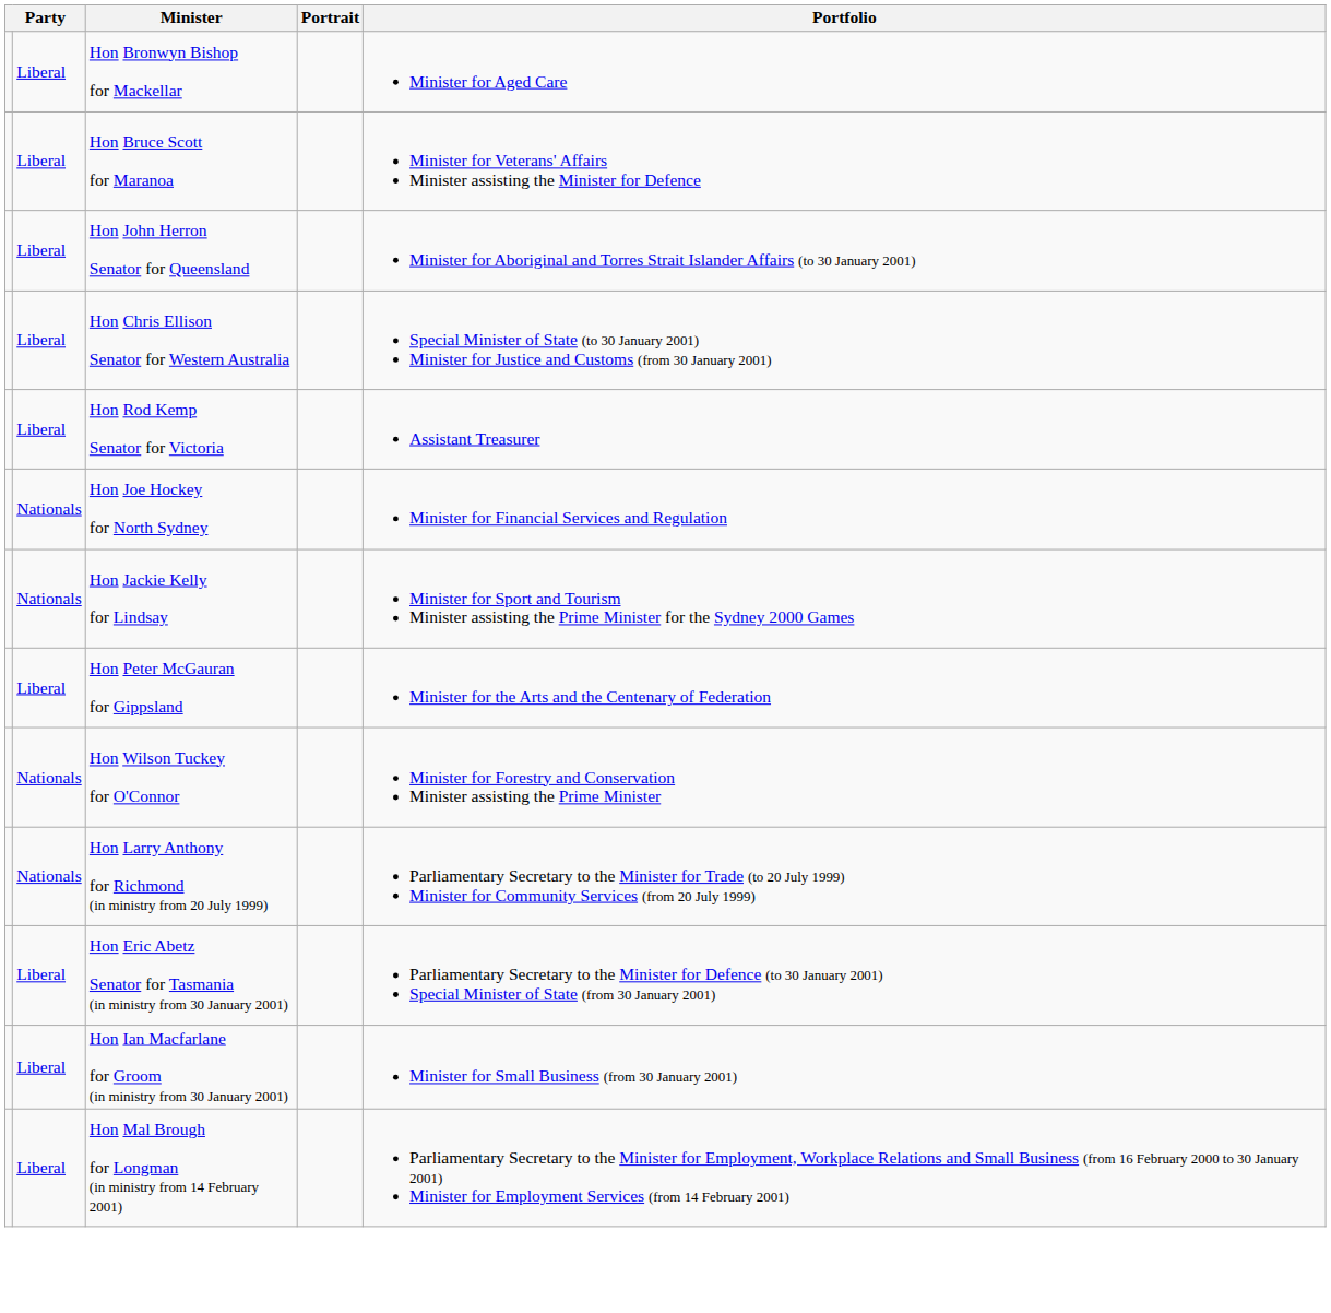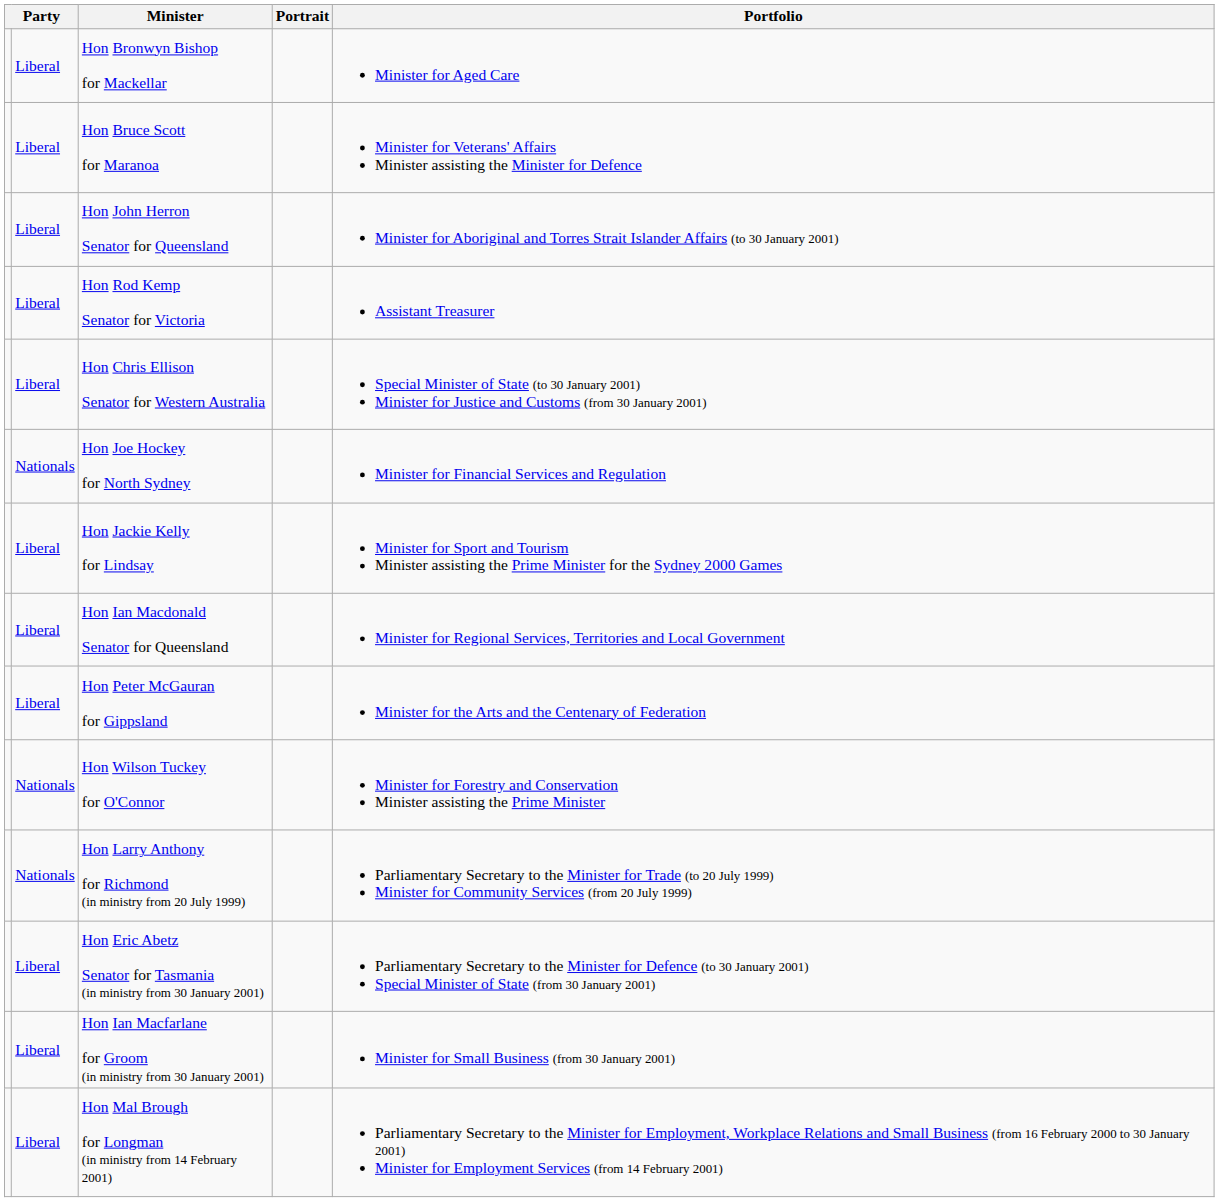 <table class="wikitable sortable">
 <tr>
 <th colspan="2">Party</th>
 <th>Minister</th>
 <th>Portrait</th>
 <th>Portfolio</th>
 </tr>
 <tr>
 <td></td>
 <td><a href='#'>Liberal</a></td>
 <td><a href='#'>Hon</a> <a href='#'>Bronwyn Bishop</a> <br><br> for <a href='#'>Mackellar</a> <br></td>
 <td></td>
 <td><br><ul><li><a href='#'>Minister for Aged Care</a></li></ul></td>
 </tr>
 <tr>
 <td></td>
 <td><a href='#'>Liberal</a></td>
 <td><a href='#'>Hon</a> <a href='#'>Bruce Scott</a> <br><br> for <a href='#'>Maranoa</a> <br></td>
 <td></td>
 <td><br><ul><li><a href='#'>Minister for Veterans' Affairs</a></li><li>Minister assisting the <a href='#'>Minister for Defence</a></li></ul></td>
 </tr>
 <tr>
 <td></td>
 <td><a href='#'>Liberal</a></td>
 <td><a href='#'>Hon</a> <a href='#'>John Herron</a> <br><br><a href='#'>Senator</a> for <a href='#'>Queensland</a> <br></td>
 <td></td>
 <td><br><ul><li><a href='#'>Minister for Aboriginal and Torres Strait Islander Affairs</a> <small>(to 30 January 2001)</small></li></ul></td>
 </tr>
 <tr>
 <td></td>
 <td><a href='#'>Liberal</a></td>
-<td><a href='#'>Hon</a> <a href='#'>Chris Ellison</a> <br><br><a href='#'>Senator</a> for <a href='#'>Western Australia</a> <br></td>
+<td><a href='#'>Hon</a> <a href='#'>Rod Kemp</a> <br><br><a href='#'>Senator</a> for <a href='#'>Victoria</a> <br></td>
 <td></td>
-<td><br><ul><li><a href='#'>Special Minister of State</a> <small>(to 30 January 2001)</small></li><li><a href='#'>Minister for Justice and Customs</a> <small>(from 30 January 2001)</small></li></ul></td>
+<td><br><ul><li><a href='#'>Assistant Treasurer</a></li></ul></td>
 </tr>
 <tr>
 <td></td>
 <td><a href='#'>Liberal</a></td>
-<td><a href='#'>Hon</a> <a href='#'>Rod Kemp</a> <br><br><a href='#'>Senator</a> for <a href='#'>Victoria</a> <br></td>
+<td><a href='#'>Hon</a> <a href='#'>Chris Ellison</a> <br><br><a href='#'>Senator</a> for <a href='#'>Western Australia</a> <br></td>
 <td></td>
-<td><br><ul><li><a href='#'>Assistant Treasurer</a></li></ul></td>
+<td><br><ul><li><a href='#'>Special Minister of State</a> <small>(to 30 January 2001)</small></li><li><a href='#'>Minister for Justice and Customs</a> <small>(from 30 January 2001)</small></li></ul></td>
 </tr>
 <tr>
 <td></td>
 <td><a href='#'>Nationals</a></td>
 <td><a href='#'>Hon</a> <a href='#'>Joe Hockey</a> <br><br> for <a href='#'>North Sydney</a> <br></td>
 <td></td>
 <td><br><ul><li><a href='#'>Minister for Financial Services and Regulation</a></li></ul></td>
 </tr>
 <tr>
 <td></td>
-<td><a href='#'>Nationals</a></td>
+<td><a href='#'>Liberal</a></td>
 <td><a href='#'>Hon</a> <a href='#'>Jackie Kelly</a> <br><br> for <a href='#'>Lindsay</a> <br></td>
 <td></td>
 <td><br><ul><li><a href='#'>Minister for Sport and Tourism</a></li><li>Minister assisting the <a href='#'>Prime Minister</a> for the <a href='#'>Sydney 2000 Games</a></li></ul></td>
+</tr>
+<tr>
+<td></td>
+<td><a href='#'>Liberal</a></td>
+<td><a href='#'>Hon</a> <a href='#'>Ian Macdonald</a> <br><br><a href='#'>Senator</a> for Queensland <br></td>
+<td></td>
+<td><br><ul><li><a href='#'>Minister for Regional Services, Territories and Local Government</a></li></ul></td>
 </tr>
 <tr>
 <td></td>
 <td><a href='#'>Liberal</a></td>
 <td><a href='#'>Hon</a> <a href='#'>Peter McGauran</a> <br><br> for <a href='#'>Gippsland</a> <br></td>
 <td></td>
 <td><br><ul><li><a href='#'>Minister for the Arts and the Centenary of Federation</a></li></ul></td>
 </tr>
 <tr>
 <td></td>
 <td><a href='#'>Nationals</a></td>
 <td><a href='#'>Hon</a> <a href='#'>Wilson Tuckey</a> <br><br> for <a href='#'>O'Connor</a> <br></td>
 <td></td>
 <td><br><ul><li><a href='#'>Minister for Forestry and Conservation</a></li><li>Minister assisting the <a href='#'>Prime Minister</a></li></ul></td>
 </tr>
 <tr>
 <td></td>
 <td><a href='#'>Nationals</a></td>
 <td><a href='#'>Hon</a> <a href='#'>Larry Anthony</a> <br><br> for <a href='#'>Richmond</a> <br> <small>(in ministry from 20 July 1999)</small></td>
 <td></td>
 <td><br><ul><li>Parliamentary Secretary to the <a href='#'>Minister for Trade</a> <small>(to 20 July 1999)</small></li><li><a href='#'>Minister for Community Services</a> <small>(from 20 July 1999)</small></li></ul></td>
 </tr>
 <tr>
 <td></td>
 <td><a href='#'>Liberal</a></td>
 <td><a href='#'>Hon</a> <a href='#'>Eric Abetz</a> <br><br><a href='#'>Senator</a> for <a href='#'>Tasmania</a> <br> <small>(in ministry from 30 January 2001)</small></td>
 <td></td>
 <td><br><ul><li>Parliamentary Secretary to the <a href='#'>Minister for Defence</a> <small>(to 30 January 2001)</small></li><li><a href='#'>Special Minister of State</a> <small>(from 30 January 2001)</small></li></ul></td>
 </tr>
 <tr>
 <td></td>
 <td><a href='#'>Liberal</a></td>
 <td><a href='#'>Hon</a> <a href='#'>Ian Macfarlane</a> <br><br> for <a href='#'>Groom</a> <br> <small>(in ministry from 30 January 2001)</small></td>
 <td></td>
 <td><br><ul><li><a href='#'>Minister for Small Business</a> <small>(from 30 January 2001)</small></li></ul></td>
 </tr>
 <tr>
 <td></td>
 <td><a href='#'>Liberal</a></td>
 <td><a href='#'>Hon</a> <a href='#'>Mal Brough</a> <br><br> for <a href='#'>Longman</a> <br> <small>(in ministry from 14 February 2001)</small></td>
 <td></td>
 <td><br><ul><li>Parliamentary Secretary to the <a href='#'>Minister for Employment, Workplace Relations and Small Business</a> <small>(from 16 February 2000 to 30 January 2001)</small></li><li><a href='#'>Minister for Employment Services</a> <small>(from 14 February 2001)</small></li></ul></td>
 </tr>
 </table>
